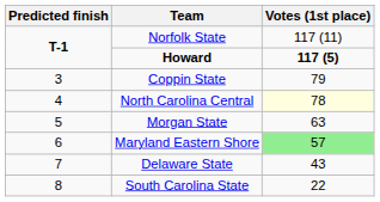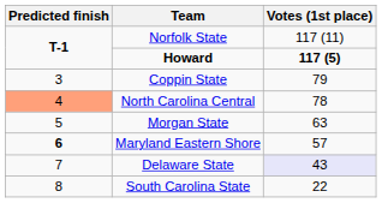 <table class="wikitable" border="1">
 <tr align=center>
 <th>Predicted finish</th>
 <th>Team</th>
 <th>Votes (1st place)</th>
 </tr>
 <tr align="center">
 <td rowspan=2><strong>T-1</strong></td>
 <td><a href='#'>Norfolk State</a></td>
 <td>117 (11)</td>
 </tr>
 <tr align="center">
 <td><strong>Howard</strong></td>
 <td><strong>117 (5)</strong></td>
 </tr>
 <tr align="center">
 <td>3</td>
 <td><a href='#'>Coppin State</a></td>
 <td>79</td>
 </tr>
 <tr align="center">
-<td>4</td>
+<td style="background: lightsalmon;">4</td>
 <td><a href='#'>North Carolina Central</a></td>
-<td style="background: lightyellow;">78</td>
+<td>78</td>
 </tr>
 <tr align="center">
 <td>5</td>
 <td><a href='#'>Morgan State</a></td>
 <td>63</td>
 </tr>
 <tr align="center">
-<td>6</td>
+<td><strong>6</strong></td>
 <td><a href='#'>Maryland Eastern Shore</a></td>
-<td style="background: lightgreen;">57</td>
+<td>57</td>
 </tr>
 <tr align="center">
 <td>7</td>
 <td><a href='#'>Delaware State</a></td>
-<td>43</td>
+<td style="background: lavender;">43</td>
 </tr>
 <tr align="center">
 <td>8</td>
 <td><a href='#'>South Carolina State</a></td>
 <td>22</td>
 </tr>
 </table>
